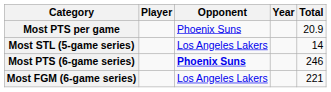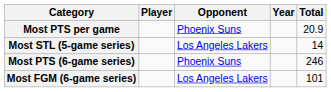 <table class="wikitable sortable">
 <tr>
 <th scope="col">Category</th>
 <th scope="col">Player</th>
 <th scope="col">Opponent</th>
 <th scope="col">Year</th>
 <th scope="col">Total</th>
 </tr>
 <tr>
 <th scope="row">Most PTS per game</th>
 <td></td>
 <td><a href='#'>Phoenix Suns</a></td>
 <td style="text-align:right"></td>
 <td style="text-align:right">20.9</td>
 </tr>
 <tr>
 <th scope="row">Most STL (5-game series)</th>
 <td></td>
 <td><a href='#'>Los Angeles Lakers</a></td>
 <td style="text-align:right"></td>
 <td style="text-align:right">14</td>
 </tr>
 <tr>
 <th scope="row">Most PTS (6-game series)</th>
 <td></td>
-<td><strong><a href='#'>Phoenix Suns</a></strong></td>
+<td><a href='#'>Phoenix Suns</a></td>
 <td style="text-align:right"></td>
 <td style="text-align:right">246</td>
 </tr>
 <tr>
 <th scope="row">Most FGM (6-game series)</th>
 <td></td>
 <td><a href='#'>Los Angeles Lakers</a></td>
 <td style="text-align:right"></td>
-<td style="text-align:right">221</td>
+<td style="text-align:right">101</td>
 </tr>
 </table>
